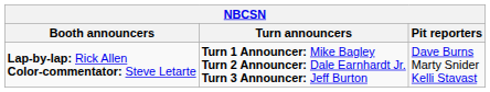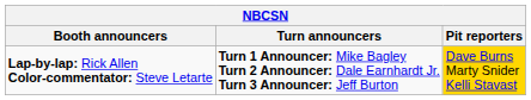 <table class="wikitable" style="font-size: 95%;">
 <tr>
 <th colspan="3"><a href='#'>NBCSN</a></th>
 </tr>
 <tr>
 <th>Booth announcers</th>
 <th>Turn announcers</th>
 <th>Pit reporters</th>
 </tr>
 <tr>
 <td><strong>Lap-by-lap:</strong> <a href='#'>Rick Allen</a><br><strong>Color-commentator:</strong> <a href='#'>Steve Letarte</a></td>
 <td><strong> Turn 1 Announcer:</strong> <a href='#'>Mike Bagley</a><br><strong>Turn 2 Announcer:</strong> <a href='#'>Dale Earnhardt Jr.</a><br><strong>Turn 3 Announcer:</strong> <a href='#'>Jeff Burton</a></td>
-<td><a href='#'>Dave Burns</a><br>Marty Snider<br><a href='#'>Kelli Stavast</a></td>
+<td style="background: gold;"><a href='#'>Dave Burns</a><br>Marty Snider<br><a href='#'>Kelli Stavast</a></td>
 </tr>
 </table>
